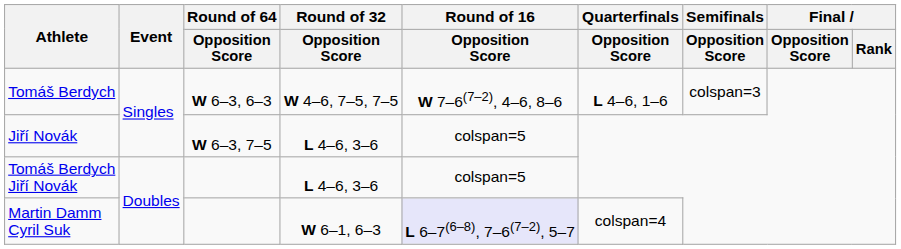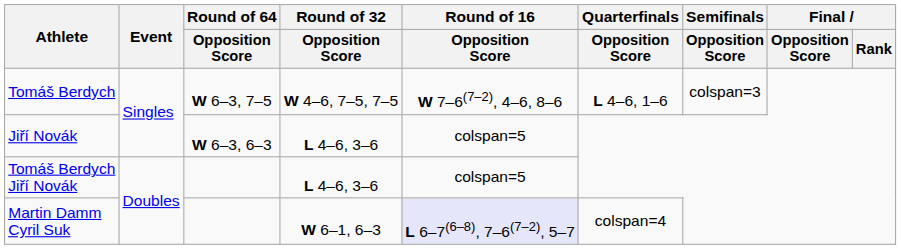 <table class=wikitable style="font-size:90%">
 <tr>
 <th rowspan="2">Athlete</th>
 <th rowspan="2">Event</th>
 <th>Round of 64</th>
 <th>Round of 32</th>
 <th>Round of 16</th>
 <th>Quarterfinals</th>
 <th>Semifinals</th>
 <th colspan=2>Final / </th>
 </tr>
 <tr style="font-size:95%">
 <th>Opposition<br>Score</th>
 <th>Opposition<br>Score</th>
 <th>Opposition<br>Score</th>
 <th>Opposition<br>Score</th>
 <th>Opposition<br>Score</th>
 <th>Opposition<br>Score</th>
 <th>Rank</th>
 </tr>
 <tr align=center>
 <td align=left><a href='#'>Tomáš Berdych</a></td>
 <td align=left rowspan=2><a href='#'>Singles</a></td>
-<td><br><strong>W</strong> 6–3, 6–3</td>
+<td><br><strong>W</strong> 6–3, 7–5</td>
 <td><br><strong>W</strong> 4–6, 7–5, 7–5</td>
 <td><br><strong>W</strong> 7–6<sup>(7–2)</sup>, 4–6, 8–6</td>
 <td><br><strong>L</strong> 4–6, 1–6</td>
 <td>colspan=3 </td>
 </tr>
 <tr align=center>
 <td align=left><a href='#'>Jiří Novák</a></td>
-<td><br><strong>W</strong> 6–3, 7–5</td>
+<td><br><strong>W</strong> 6–3, 6–3</td>
 <td><br><strong>L</strong> 4–6, 3–6</td>
 <td>colspan=5 </td>
 </tr>
 <tr align=center>
 <td align=left><a href='#'>Tomáš Berdych</a><br><a href='#'>Jiří Novák</a></td>
 <td align=left rowspan=2><a href='#'>Doubles</a></td>
 <td></td>
 <td><br><strong>L</strong> 4–6, 3–6</td>
 <td>colspan=5 </td>
 </tr>
 <tr align=center>
 <td align=left><a href='#'>Martin Damm</a><br><a href='#'>Cyril Suk</a></td>
 <td></td>
 <td><br><strong>W</strong> 6–1, 6–3</td>
 <td style="background: lavender;"><br><strong>L</strong> 6–7<sup>(6–8)</sup>, 7–6<sup>(7–2)</sup>, 5–7</td>
 <td>colspan=4 </td>
 </tr>
 </table>
